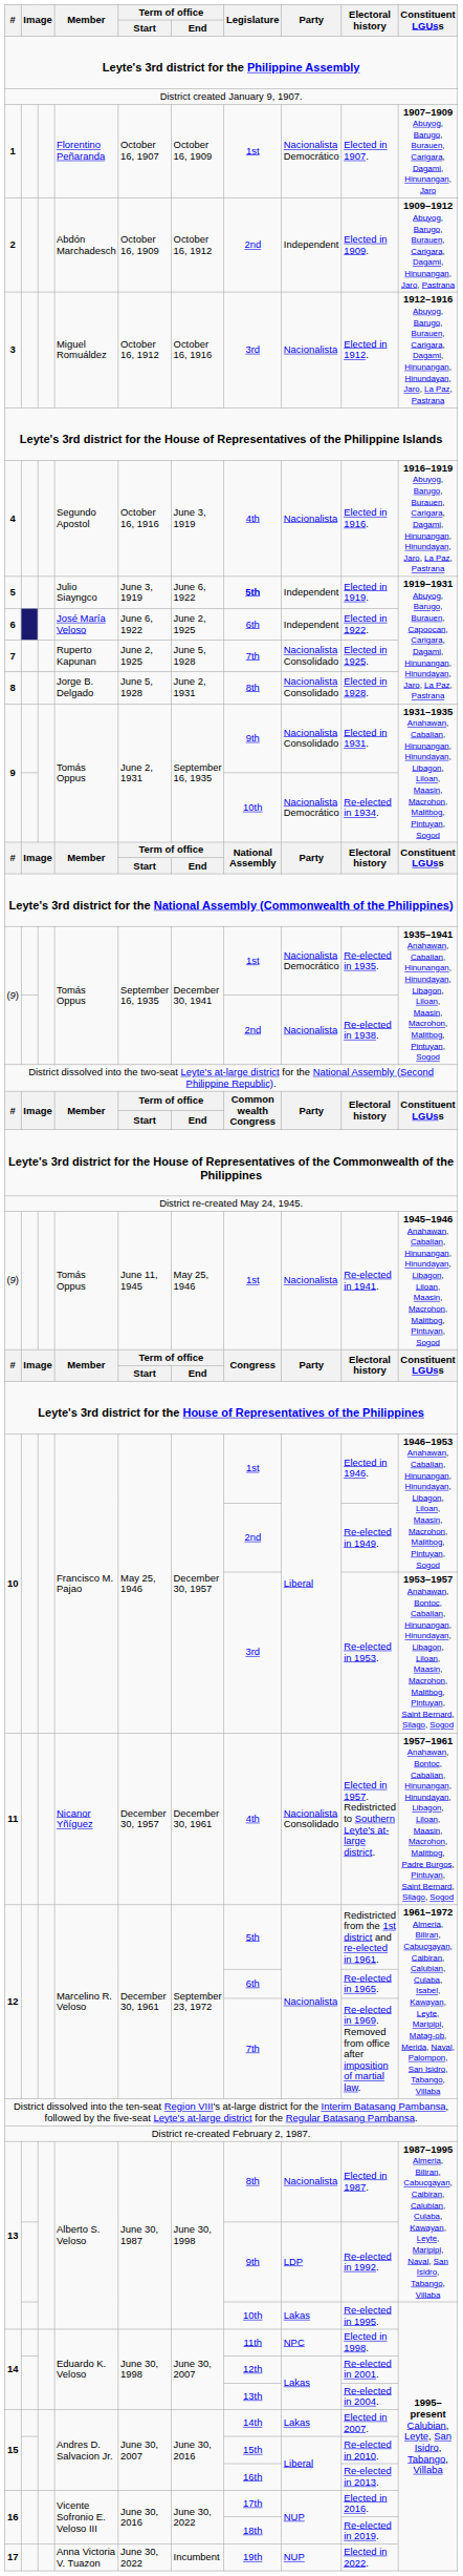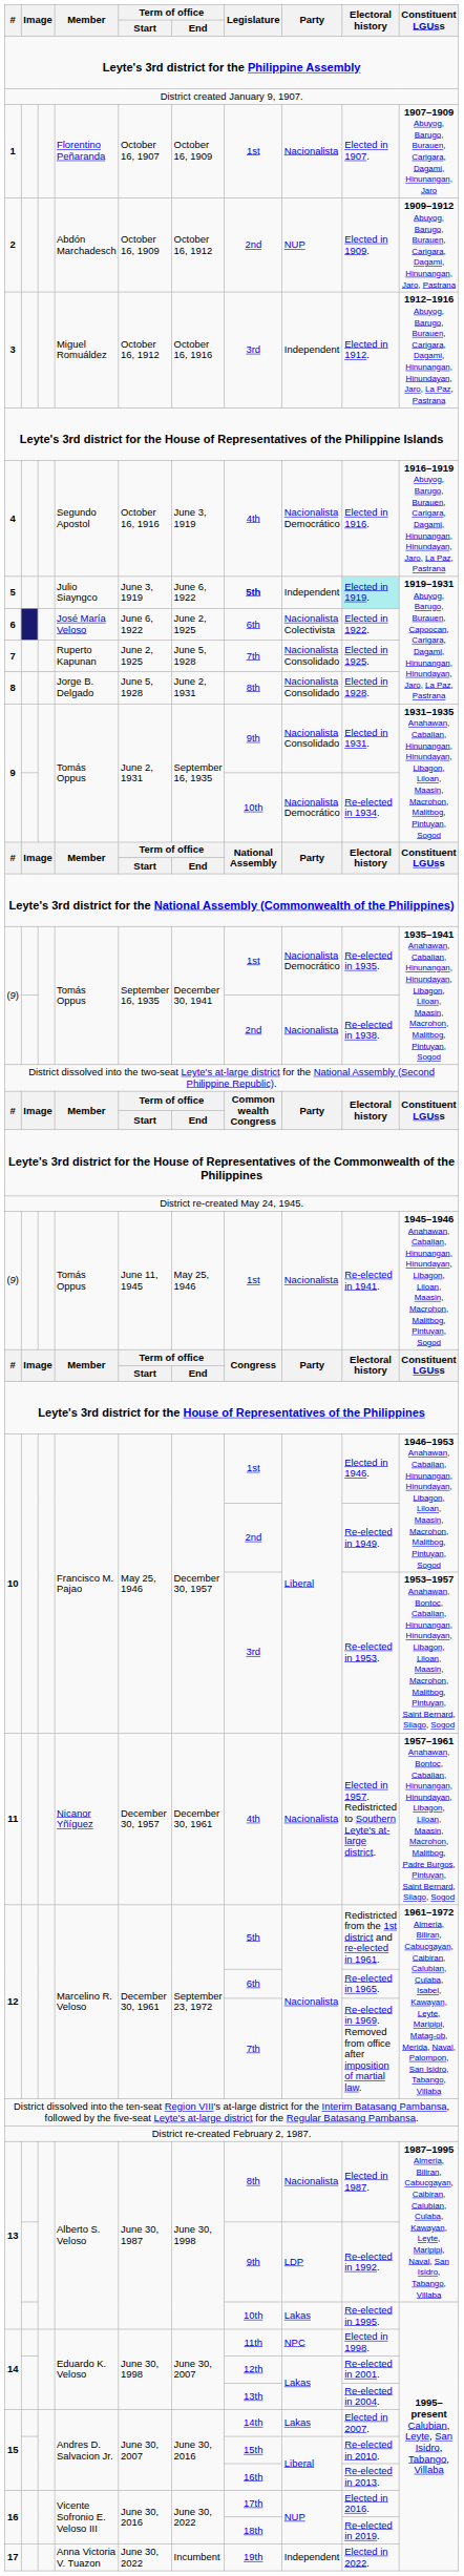 <table class=wikitable>
 <tr>
 <th rowspan="2">#</th>
 <th rowspan="2" colspan=2>Image</th>
 <th rowspan="2">Member</th>
 <th colspan=2>Term of office</th>
 <th rowspan="2">Legislature</th>
 <th rowspan="2">Party</th>
 <th rowspan="2">Electoral history</th>
 <th rowspan="2">Constituent<br><a href='#'>LGUs</a>s</th>
 </tr>
 <tr>
 <th>Start</th>
 <th>End</th>
 </tr>
 <tr>
 <td colspan="10" style="text-align:center;"><br><h3>Leyte's 3rd district for the <a href='#'>Philippine Assembly</a></h3></td>
 </tr>
 <tr>
 <td colspan="10" style="text-align:center;">District created January 9, 1907.</td>
 </tr>
 <tr>
 <td style="text-align:center;"><strong>1</strong></td>
 <td style="color:inherit;background:"></td>
 <td></td>
 <td><a href='#'>Florentino Peñaranda</a></td>
 <td>October 16, 1907</td>
 <td>October 16, 1909</td>
 <td style="text-align:center;"><a href='#'>1st</a></td>
-<td><a href='#'>Nacionalista</a><br>Democrático</td>
+<td><a href='#'>Nacionalista</a></td>
 <td><a href='#'>Elected in 1907</a>.</td>
 <td style="text-align:center;"><strong>1907–1909</strong><br><small><a href='#'>Abuyog</a>, <a href='#'>Barugo</a>, <a href='#'>Burauen</a>, <a href='#'>Carigara</a>, <a href='#'>Dagami</a>, <a href='#'>Hinunangan</a>, <a href='#'>Jaro</a></small></td>
 </tr>
 <tr>
 <td style="text-align:center;"><strong>2</strong></td>
 <td style="color:inherit;background:"></td>
 <td></td>
 <td>Abdón Marchadesch</td>
 <td>October 16, 1909</td>
 <td>October 16, 1912</td>
 <td style="text-align:center;"><a href='#'>2nd</a></td>
-<td>Independent</td>
+<td><a href='#'>NUP</a></td>
 <td><a href='#'>Elected in 1909</a>.</td>
 <td style="text-align:center;"><strong>1909–1912</strong><br><small><a href='#'>Abuyog</a>, <a href='#'>Barugo</a>, <a href='#'>Burauen</a>, <a href='#'>Carigara</a>, <a href='#'>Dagami</a>, <a href='#'>Hinunangan</a>, <a href='#'>Jaro</a>, <a href='#'>Pastrana</a></small></td>
 </tr>
 <tr>
 <td style="text-align:center;"><strong>3</strong></td>
 <td style="color:inherit;background:"></td>
 <td></td>
 <td>Miguel Romuáldez</td>
 <td>October 16, 1912</td>
 <td>October 16, 1916</td>
 <td style="text-align:center;"><a href='#'>3rd</a></td>
-<td><a href='#'>Nacionalista</a></td>
+<td>Independent</td>
 <td><a href='#'>Elected in 1912</a>.</td>
 <td style="text-align:center;"><strong>1912–1916</strong><br><small><a href='#'>Abuyog</a>, <a href='#'>Barugo</a>, <a href='#'>Burauen</a>, <a href='#'>Carigara</a>, <a href='#'>Dagami</a>, <a href='#'>Hinunangan</a>, <a href='#'>Hinundayan</a>, <a href='#'>Jaro</a>, <a href='#'>La Paz</a>, <a href='#'>Pastrana</a></small></td>
 </tr>
 <tr>
 <td colspan="10" style="text-align:center;"><br><h3>Leyte's 3rd district for the House of Representatives of the Philippine Islands</h3></td>
 </tr>
 <tr>
 <td style="text-align:center;"><strong>4</strong></td>
 <td style="color:inherit;background:"></td>
 <td></td>
 <td>Segundo Apostol</td>
 <td>October 16, 1916</td>
 <td>June 3, 1919</td>
 <td style="text-align:center;"><a href='#'>4th</a></td>
-<td><a href='#'>Nacionalista</a></td>
+<td><a href='#'>Nacionalista</a><br>Democrático</td>
 <td><a href='#'>Elected in 1916</a>.</td>
 <td style="text-align:center;"><strong>1916–1919</strong><br><small><a href='#'>Abuyog</a>, <a href='#'>Barugo</a>, <a href='#'>Burauen</a>, <a href='#'>Carigara</a>, <a href='#'>Dagami</a>, <a href='#'>Hinunangan</a>, <a href='#'>Hinundayan</a>, <a href='#'>Jaro</a>, <a href='#'>La Paz</a>, <a href='#'>Pastrana</a></small></td>
 </tr>
 <tr>
 <td style="text-align:center;"><strong>5</strong></td>
 <td style="color:inherit;background:"></td>
 <td></td>
 <td>Julio Siayngco</td>
 <td>June 3, 1919</td>
 <td>June 6, 1922</td>
 <td style="text-align:center;"><strong><a href='#'>5th</a></strong></td>
 <td>Independent</td>
-<td><a href='#'>Elected in 1919</a>.</td>
+<td style="background: paleturquoise;"><a href='#'>Elected in 1919</a>.</td>
 <td rowspan="4" style="text-align:center;"><strong>1919–1931</strong><br><small><a href='#'>Abuyog</a>, <a href='#'>Barugo</a>, <a href='#'>Burauen</a>, <a href='#'>Capoocan</a>, <a href='#'>Carigara</a>, <a href='#'>Dagami</a>, <a href='#'>Hinunangan</a>, <a href='#'>Hinundayan</a>, <a href='#'>Jaro</a>, <a href='#'>La Paz</a>, <a href='#'>Pastrana</a></small></td>
 </tr>
 <tr>
 <td style="text-align:center;"><strong>6</strong></td>
 <td style="background-color:#191970"></td>
 <td></td>
 <td><a href='#'>José María Veloso</a></td>
 <td>June 6, 1922</td>
 <td>June 2, 1925</td>
 <td style="text-align:center;"><a href='#'>6th</a></td>
-<td>Independent</td>
+<td><a href='#'>Nacionalista</a><br>Colectivista</td>
 <td><a href='#'>Elected in 1922</a>.</td>
 </tr>
 <tr>
 <td style="text-align:center;"><strong>7</strong></td>
 <td style="color:inherit;background:"></td>
 <td></td>
 <td>Ruperto Kapunan</td>
 <td>June 2, 1925</td>
 <td>June 5, 1928</td>
 <td style="text-align:center;"><a href='#'>7th</a></td>
 <td><a href='#'>Nacionalista</a><br>Consolidado</td>
 <td><a href='#'>Elected in 1925</a>.</td>
 </tr>
 <tr>
 <td style="text-align:center;"><strong>8</strong></td>
 <td style="color:inherit;background:"></td>
 <td></td>
 <td>Jorge B. Delgado</td>
 <td>June 5, 1928</td>
 <td>June 2, 1931</td>
 <td style="text-align:center;"><a href='#'>8th</a></td>
 <td><a href='#'>Nacionalista</a><br>Consolidado</td>
 <td><a href='#'>Elected in 1928</a>.</td>
 </tr>
 <tr>
 <td rowspan="2" style="text-align:center;"><strong>9</strong></td>
 <td style="color:inherit;background:"></td>
 <td rowspan="2"></td>
 <td rowspan="2">Tomás Oppus</td>
 <td rowspan="2">June 2, 1931</td>
 <td rowspan="2">September 16, 1935</td>
 <td style="text-align:center;"><a href='#'>9th</a></td>
 <td><a href='#'>Nacionalista</a><br>Consolidado</td>
 <td><a href='#'>Elected in 1931</a>.</td>
 <td rowspan="2" style="text-align:center;"><strong>1931–1935</strong><br><small><a href='#'>Anahawan</a>, <a href='#'>Cabalian</a>, <a href='#'>Hinunangan</a>, <a href='#'>Hinundayan</a>, <a href='#'>Libagon</a>, <a href='#'>Liloan</a>, <a href='#'>Maasin</a>, <a href='#'>Macrohon</a>, <a href='#'>Malitbog</a>, <a href='#'>Pintuyan</a>, <a href='#'>Sogod</a></small></td>
 </tr>
 <tr>
 <td style="color:inherit;background:"></td>
 <td style="text-align:center;"><a href='#'>10th</a></td>
 <td><a href='#'>Nacionalista</a><br>Democrático</td>
 <td><a href='#'>Re-elected in 1934</a>.</td>
 </tr>
 <tr>
 <th rowspan="2">#</th>
 <th rowspan="2" colspan=2>Image</th>
 <th rowspan="2">Member</th>
 <th colspan=2>Term of office</th>
 <th rowspan="2">National<br>Assembly</th>
 <th rowspan="2">Party</th>
 <th rowspan="2">Electoral history</th>
 <th rowspan="2">Constituent<br><a href='#'>LGUs</a>s</th>
 </tr>
 <tr>
 <th>Start</th>
 <th>End</th>
 </tr>
 <tr>
 <td colspan="10" style="text-align:center;"><br><h3>Leyte's 3rd district for the <a href='#'>National Assembly (Commonwealth of the Philippines)</a></h3></td>
 </tr>
 <tr>
 <td rowspan="2" style="text-align:center;">(<em>9</em>)</td>
 <td style="color:inherit;background:"></td>
 <td rowspan="2"></td>
 <td rowspan="2">Tomás Oppus</td>
 <td rowspan="2">September 16, 1935</td>
 <td rowspan="2">December 30, 1941</td>
 <td style="text-align:center;"><a href='#'>1st</a></td>
 <td><a href='#'>Nacionalista</a><br>Democrático</td>
 <td><a href='#'>Re-elected in 1935</a>.</td>
 <td rowspan="2" style="text-align:center;"><strong>1935–1941</strong><br><small><a href='#'>Anahawan</a>, <a href='#'>Cabalian</a>, <a href='#'>Hinunangan</a>, <a href='#'>Hinundayan</a>, <a href='#'>Libagon</a>, <a href='#'>Liloan</a>, <a href='#'>Maasin</a>, <a href='#'>Macrohon</a>, <a href='#'>Malitbog</a>, <a href='#'>Pintuyan</a>, <a href='#'>Sogod</a></small></td>
 </tr>
 <tr>
 <td style="color:inherit;background:"></td>
 <td style="text-align:center;"><a href='#'>2nd</a></td>
 <td><a href='#'>Nacionalista</a></td>
 <td><a href='#'>Re-elected in 1938</a>.</td>
 </tr>
 <tr>
 <td colspan="10" style="text-align:center;">District dissolved into the two-seat <a href='#'>Leyte's at-large district</a> for the <a href='#'>National Assembly (Second Philippine Republic)</a>.</td>
 </tr>
 <tr>
 <th rowspan="2">#</th>
 <th rowspan="2" colspan=2>Image</th>
 <th rowspan="2">Member</th>
 <th colspan=2>Term of office</th>
 <th rowspan="2">Common<br>wealth<br>Congress</th>
 <th rowspan="2">Party</th>
 <th rowspan="2">Electoral history</th>
 <th rowspan="2">Constituent<br><a href='#'>LGUs</a>s</th>
 </tr>
 <tr>
 <th>Start</th>
 <th>End</th>
 </tr>
 <tr>
 <td colspan="10" style="text-align:center;"><br><h3>Leyte's 3rd district for the House of Representatives of the Commonwealth of the Philippines</h3></td>
 </tr>
 <tr>
 <td colspan="10" style="text-align:center;">District re-created May 24, 1945.</td>
 </tr>
 <tr>
 <td style="text-align:center;">(<em>9</em>)</td>
 <td style="color:inherit;background:"></td>
 <td></td>
 <td>Tomás Oppus</td>
 <td>June 11, 1945</td>
 <td>May 25, 1946</td>
 <td style="text-align:center;"><a href='#'>1st</a></td>
 <td><a href='#'>Nacionalista</a></td>
 <td><a href='#'>Re-elected in 1941</a>.</td>
 <td style="text-align:center;"><strong>1945–1946</strong><br><small><a href='#'>Anahawan</a>, <a href='#'>Cabalian</a>, <a href='#'>Hinunangan</a>, <a href='#'>Hinundayan</a>, <a href='#'>Libagon</a>, <a href='#'>Liloan</a>, <a href='#'>Maasin</a>, <a href='#'>Macrohon</a>, <a href='#'>Malitbog</a>, <a href='#'>Pintuyan</a>, <a href='#'>Sogod</a></small></td>
 </tr>
 <tr>
 <th rowspan="2">#</th>
 <th rowspan="2" colspan=2>Image</th>
 <th rowspan="2">Member</th>
 <th colspan=2>Term of office</th>
 <th rowspan="2">Congress</th>
 <th rowspan="2">Party</th>
 <th rowspan="2">Electoral history</th>
 <th rowspan="2">Constituent<br><a href='#'>LGUs</a>s</th>
 </tr>
 <tr>
 <th>Start</th>
 <th>End</th>
 </tr>
 <tr>
 <td colspan="10" style="text-align:center;"><br><h3>Leyte's 3rd district for the <a href='#'>House of Representatives of the Philippines</a></h3></td>
 </tr>
 <tr>
 <td rowspan="3" style="text-align:center;"><strong>10</strong></td>
 <td rowspan="3" style="color:inherit;background:"></td>
 <td rowspan="3"></td>
 <td rowspan="3">Francisco M. Pajao</td>
 <td rowspan="3">May 25, 1946</td>
 <td rowspan="3">December 30, 1957</td>
 <td style="text-align:center;"><a href='#'>1st</a></td>
 <td rowspan="3"><a href='#'>Liberal</a></td>
 <td><a href='#'>Elected in 1946</a>.</td>
 <td rowspan="2" style="text-align:center;"><strong>1946–1953</strong><br><small><a href='#'>Anahawan</a>, <a href='#'>Cabalian</a>, <a href='#'>Hinunangan</a>, <a href='#'>Hinundayan</a>, <a href='#'>Libagon</a>, <a href='#'>Liloan</a>, <a href='#'>Maasin</a>, <a href='#'>Macrohon</a>, <a href='#'>Malitbog</a>, <a href='#'>Pintuyan</a>, <a href='#'>Sogod</a></small></td>
 </tr>
 <tr>
 <td style="text-align:center;"><a href='#'>2nd</a></td>
 <td><a href='#'>Re-elected in 1949</a>.</td>
 </tr>
 <tr>
 <td style="text-align:center;"><a href='#'>3rd</a></td>
 <td><a href='#'>Re-elected in 1953</a>.</td>
 <td style="text-align:center;"><strong>1953–1957</strong><br><small><a href='#'>Anahawan</a>, <a href='#'>Bontoc</a>, <a href='#'>Cabalian</a>, <a href='#'>Hinunangan</a>, <a href='#'>Hinundayan</a>, <a href='#'>Libagon</a>, <a href='#'>Liloan</a>, <a href='#'>Maasin</a>, <a href='#'>Macrohon</a>, <a href='#'>Malitbog</a>, <a href='#'>Pintuyan</a>, <a href='#'>Saint Bernard</a>, <a href='#'>Silago</a>, <a href='#'>Sogod</a></small></td>
 </tr>
 <tr>
 <td style="text-align:center;"><strong>11</strong></td>
 <td style="color:inherit;background:"></td>
 <td></td>
 <td><a href='#'>Nicanor Yñíguez</a></td>
 <td>December 30, 1957</td>
 <td>December 30, 1961</td>
 <td style="text-align:center;"><a href='#'>4th</a></td>
-<td><a href='#'>Nacionalista</a><br>Consolidado</td>
+<td><a href='#'>Nacionalista</a></td>
 <td><a href='#'>Elected in 1957</a>.<br>Redistricted to <a href='#'>Southern Leyte's at-large district</a>.</td>
 <td style="text-align:center;"><strong>1957–1961</strong><br><small><a href='#'>Anahawan</a>, <a href='#'>Bontoc</a>, <a href='#'>Cabalian</a>, <a href='#'>Hinunangan</a>, <a href='#'>Hinundayan</a>, <a href='#'>Libagon</a>, <a href='#'>Liloan</a>, <a href='#'>Maasin</a>, <a href='#'>Macrohon</a>, <a href='#'>Malitbog</a>, <a href='#'>Padre Burgos</a>, <a href='#'>Pintuyan</a>, <a href='#'>Saint Bernard</a>, <a href='#'>Silago</a>, <a href='#'>Sogod</a></small></td>
 </tr>
 <tr>
 <td rowspan="3" style="text-align:center;"><strong>12</strong></td>
 <td rowspan="3" style="color:inherit;background:"></td>
 <td rowspan="3"></td>
 <td rowspan="3">Marcelino R. Veloso</td>
 <td rowspan="3">December 30, 1961</td>
 <td rowspan="3">September 23, 1972</td>
 <td style="text-align:center;"><a href='#'>5th</a></td>
 <td rowspan="3"><a href='#'>Nacionalista</a></td>
 <td>Redistricted from the <a href='#'>1st district</a> and <a href='#'>re-elected in 1961</a>.</td>
 <td rowspan="3" style="text-align:center;"><strong>1961–1972</strong><br><small><a href='#'>Almeria</a>, <a href='#'>Biliran</a>, <a href='#'>Cabucgayan</a>, <a href='#'>Caibiran</a>, <a href='#'>Calubian</a>, <a href='#'>Culaba</a>, <a href='#'>Isabel</a>, <a href='#'>Kawayan</a>, <a href='#'>Leyte</a>, <a href='#'>Maripipi</a>, <a href='#'>Matag-ob</a>, <a href='#'>Merida</a>, <a href='#'>Naval</a>, <a href='#'>Palompon</a>, <a href='#'>San Isidro</a>, <a href='#'>Tabango</a>, <a href='#'>Villaba</a></small></td>
 </tr>
 <tr>
 <td style="text-align:center;"><a href='#'>6th</a></td>
 <td><a href='#'>Re-elected in 1965</a>.</td>
 </tr>
 <tr>
 <td style="text-align:center;"><a href='#'>7th</a></td>
 <td><a href='#'>Re-elected in 1969</a>.<br>Removed from office after <a href='#'>imposition of martial law</a>.</td>
 </tr>
 <tr>
 <td colspan="10" style="text-align:center;">District dissolved into the ten-seat <a href='#'>Region VIII</a>'s at-large district for the <a href='#'>Interim Batasang Pambansa</a>, followed by the five-seat <a href='#'>Leyte's at-large district</a> for the <a href='#'>Regular Batasang Pambansa</a>.</td>
 </tr>
 <tr>
 <td colspan="10" style="text-align:center;">District re-created February 2, 1987.</td>
 </tr>
 <tr>
 <td rowspan="3" style="text-align:center;"><strong>13</strong></td>
 <td style="color:inherit;background:"></td>
 <td rowspan="3"></td>
 <td rowspan="3">Alberto S. Veloso</td>
 <td rowspan="3">June 30, 1987</td>
 <td rowspan="3">June 30, 1998</td>
 <td style="text-align:center;"><a href='#'>8th</a></td>
 <td><a href='#'>Nacionalista</a></td>
 <td><a href='#'>Elected in 1987</a>.</td>
 <td rowspan="2" style="text-align:center;"><strong>1987–1995</strong><br><small><a href='#'>Almeria</a>, <a href='#'>Biliran</a>, <a href='#'>Cabucgayan</a>, <a href='#'>Caibiran</a>, <a href='#'>Calubian</a>, <a href='#'>Culaba</a>, <a href='#'>Kawayan</a>, <a href='#'>Leyte</a>, <a href='#'>Maripipi</a>, <a href='#'>Naval</a>, <a href='#'>San Isidro</a>, <a href='#'>Tabango</a>, <a href='#'>Villaba</a></small></td>
 </tr>
 <tr>
 <td style="color:inherit;background:"></td>
 <td style="text-align:center;"><a href='#'>9th</a></td>
 <td><a href='#'>LDP</a></td>
 <td><a href='#'>Re-elected in 1992</a>.</td>
 </tr>
 <tr>
 <td style="color:inherit;background:"></td>
 <td style="text-align:center;"><a href='#'>10th</a></td>
 <td><a href='#'>Lakas</a></td>
 <td><a href='#'>Re-elected in 1995</a>.</td>
 <td rowspan="10" style="text-align:center;"><strong>1995–present</strong><br><a href='#'>Calubian</a>, <a href='#'>Leyte</a>, <a href='#'>San Isidro</a>, <a href='#'>Tabango</a>, <a href='#'>Villaba</a></td>
 </tr>
 <tr>
 <td rowspan="3" style="text-align:center;"><strong>14</strong></td>
 <td style="color:inherit;background:"></td>
 <td rowspan="3"></td>
 <td rowspan="3">Eduardo K. Veloso</td>
 <td rowspan="3">June 30, 1998</td>
 <td rowspan="3">June 30, 2007</td>
 <td style="text-align:center;"><a href='#'>11th</a></td>
 <td><a href='#'>NPC</a></td>
 <td><a href='#'>Elected in 1998</a>.</td>
 </tr>
 <tr>
 <td rowspan="2" style="color:inherit;background:"></td>
 <td style="text-align:center;"><a href='#'>12th</a></td>
 <td rowspan="2"><a href='#'>Lakas</a></td>
 <td><a href='#'>Re-elected in 2001</a>.</td>
 </tr>
 <tr>
 <td style="text-align:center;"><a href='#'>13th</a></td>
 <td><a href='#'>Re-elected in 2004</a>.</td>
 </tr>
 <tr>
 <td rowspan="3" style="text-align:center;"><strong>15</strong></td>
 <td style="color:inherit;background:"></td>
 <td rowspan="3"></td>
 <td rowspan="3">Andres D. Salvacion Jr.</td>
 <td rowspan="3">June 30, 2007</td>
 <td rowspan="3">June 30, 2016</td>
 <td style="text-align:center;"><a href='#'>14th</a></td>
 <td><a href='#'>Lakas</a></td>
 <td><a href='#'>Elected in 2007</a>.</td>
 </tr>
 <tr>
 <td rowspan="2" style="color:inherit;background:"></td>
 <td style="text-align:center;"><a href='#'>15th</a></td>
 <td rowspan="2"><a href='#'>Liberal</a></td>
 <td><a href='#'>Re-elected in 2010</a>.</td>
 </tr>
 <tr>
 <td style="text-align:center;"><a href='#'>16th</a></td>
 <td><a href='#'>Re-elected in 2013</a>.</td>
 </tr>
 <tr>
 <td rowspan="2" style="text-align:center;"><strong>16</strong></td>
 <td rowspan="2" style="color:inherit;background:"></td>
 <td rowspan="2"></td>
 <td rowspan="2">Vicente Sofronio E. Veloso III</td>
 <td rowspan="2">June 30, 2016</td>
 <td rowspan="2">June 30, 2022</td>
 <td style="text-align:center;"><a href='#'>17th</a></td>
 <td rowspan="2"><a href='#'>NUP</a></td>
 <td><a href='#'>Elected in 2016</a>.</td>
 </tr>
 <tr>
 <td style="text-align:center;"><a href='#'>18th</a></td>
 <td><a href='#'>Re-elected in 2019</a>.</td>
 </tr>
 <tr>
 <td style="text-align:center;"><strong>17</strong></td>
 <td style="color:inherit;background:"></td>
 <td></td>
 <td>Anna Victoria V. Tuazon</td>
 <td>June 30, 2022</td>
 <td>Incumbent</td>
 <td style="text-align:center;"><a href='#'>19th</a></td>
-<td><a href='#'>NUP</a></td>
+<td>Independent</td>
 <td><a href='#'>Elected in 2022</a>.</td>
 </tr>
 </table>
